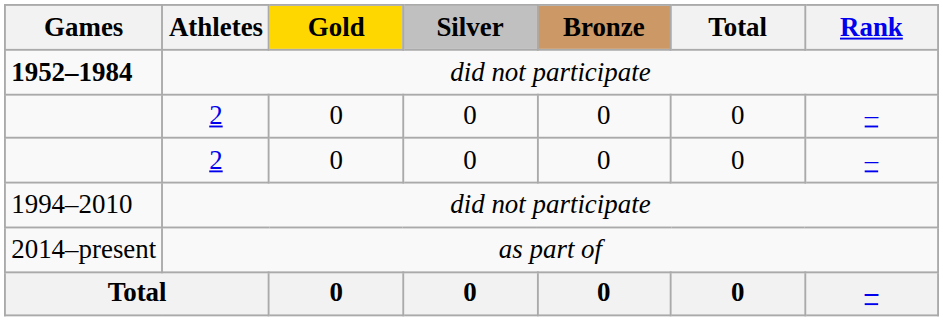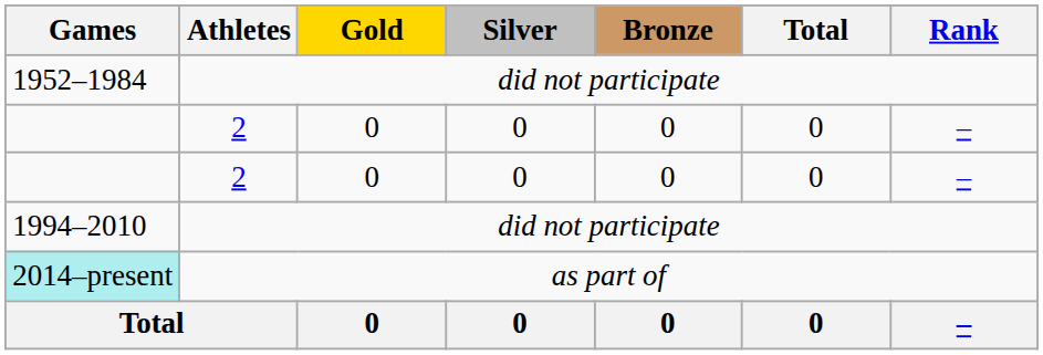 <table class="wikitable" style="text-align:center; font-size:90%;">
 <tr>
 <th>Games</th>
 <th>Athletes</th>
 <td style="background:gold; width:4.5em; font-weight:bold;">Gold</td>
 <td style="background:silver; width:4.5em; font-weight:bold;">Silver</td>
 <td style="background:#cc9966; width:4.5em; font-weight:bold;">Bronze</td>
 <th style="width:4.5em; font-weight:bold;">Total</th>
 <th style="width:4.5em; font-weight:bold;"><a href='#'>Rank</a></th>
 </tr>
 <tr>
-<td align=left><strong>1952–1984</strong></td>
+<td align=left>1952–1984</td>
 <td colspan=6><em>did not participate</em></td>
 </tr>
 <tr>
 <td align=left></td>
 <td><a href='#'>2</a></td>
 <td>0</td>
 <td>0</td>
 <td>0</td>
 <td>0</td>
 <td><a href='#'>–</a></td>
 </tr>
 <tr>
 <td align=left></td>
 <td><a href='#'>2</a></td>
 <td>0</td>
 <td>0</td>
 <td>0</td>
 <td>0</td>
 <td><a href='#'>–</a></td>
 </tr>
 <tr>
 <td align=left>1994–2010</td>
 <td colspan=6><em>did not participate</em></td>
 </tr>
 <tr>
-<td align=left>2014–present</td>
+<td align=left style="background: paleturquoise;">2014–present</td>
 <td colspan=6><em>as part of </em></td>
 </tr>
 <tr>
 <th colspan=2>Total</th>
 <th>0</th>
 <th>0</th>
 <th>0</th>
 <th>0</th>
 <th><a href='#'>–</a></th>
 </tr>
 </table>
